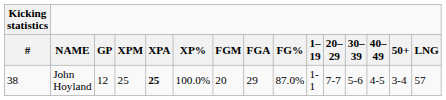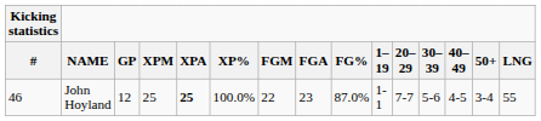 <table class="wikitable collapsible">
 <tr>
 <th style="text-align:center; ">Kicking statistics</th>
 </tr>
 <tr>
 <th>#</th>
 <th>NAME</th>
 <th>GP</th>
 <th>XPM</th>
 <th>XPA</th>
 <th>XP%</th>
 <th>FGM</th>
 <th>FGA</th>
 <th>FG%</th>
 <th>1–19</th>
 <th>20–29</th>
 <th>30–39</th>
 <th>40–49</th>
 <th>50+</th>
 <th>LNG</th>
 </tr>
 <tr>
-<td>38</td>
+<td>46</td>
 <td>John Hoyland</td>
 <td>12</td>
 <td>25</td>
 <td><strong>25</strong></td>
 <td>100.0%</td>
-<td>20</td>
-<td>29</td>
+<td>22</td>
+<td>23</td>
 <td>87.0%</td>
 <td>1-1</td>
 <td>7-7</td>
 <td>5-6</td>
 <td>4-5</td>
 <td>3-4</td>
-<td>57</td>
+<td>55</td>
 </tr>
 </table>
